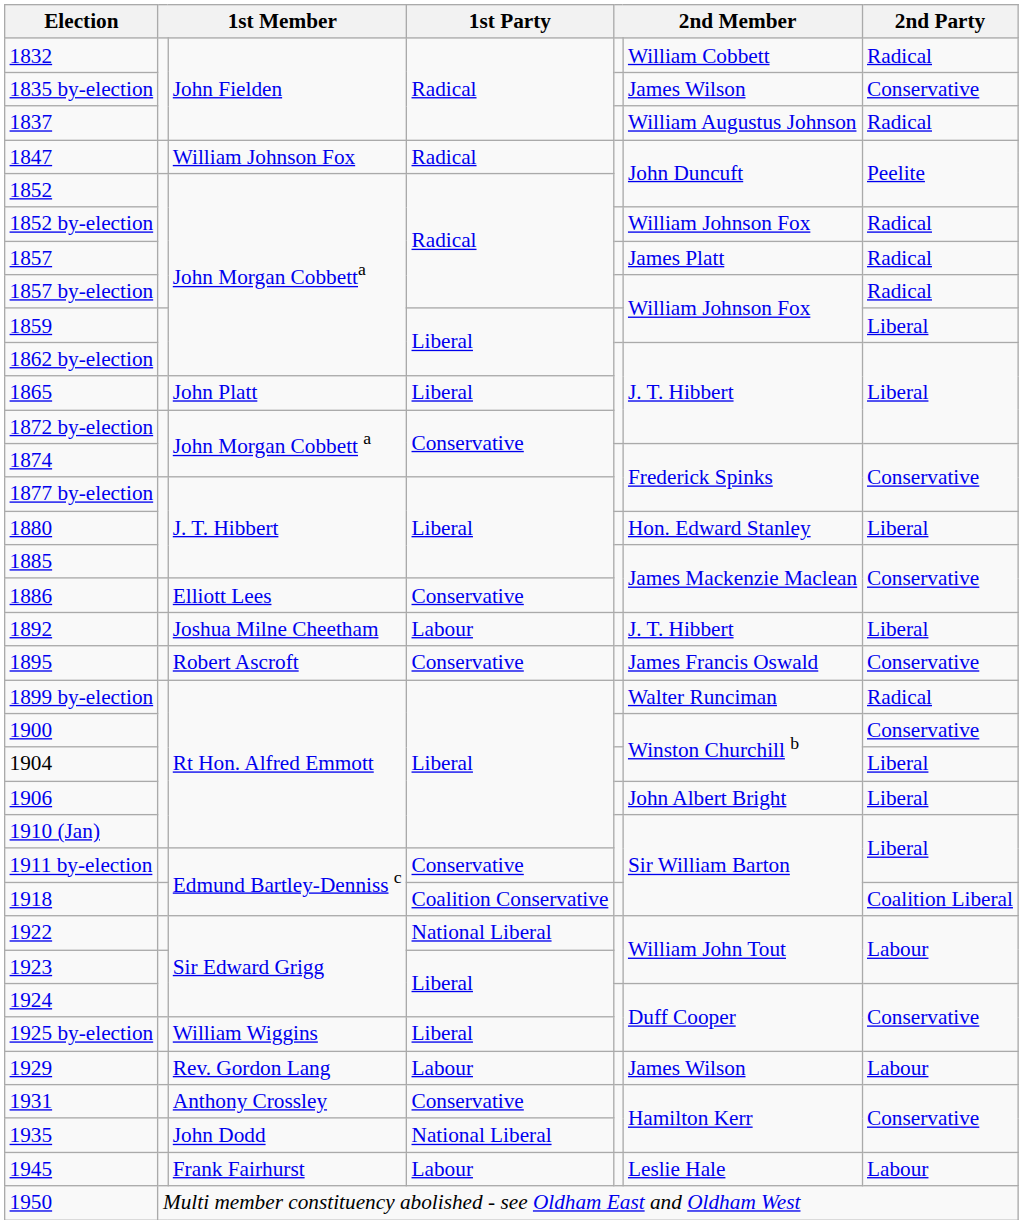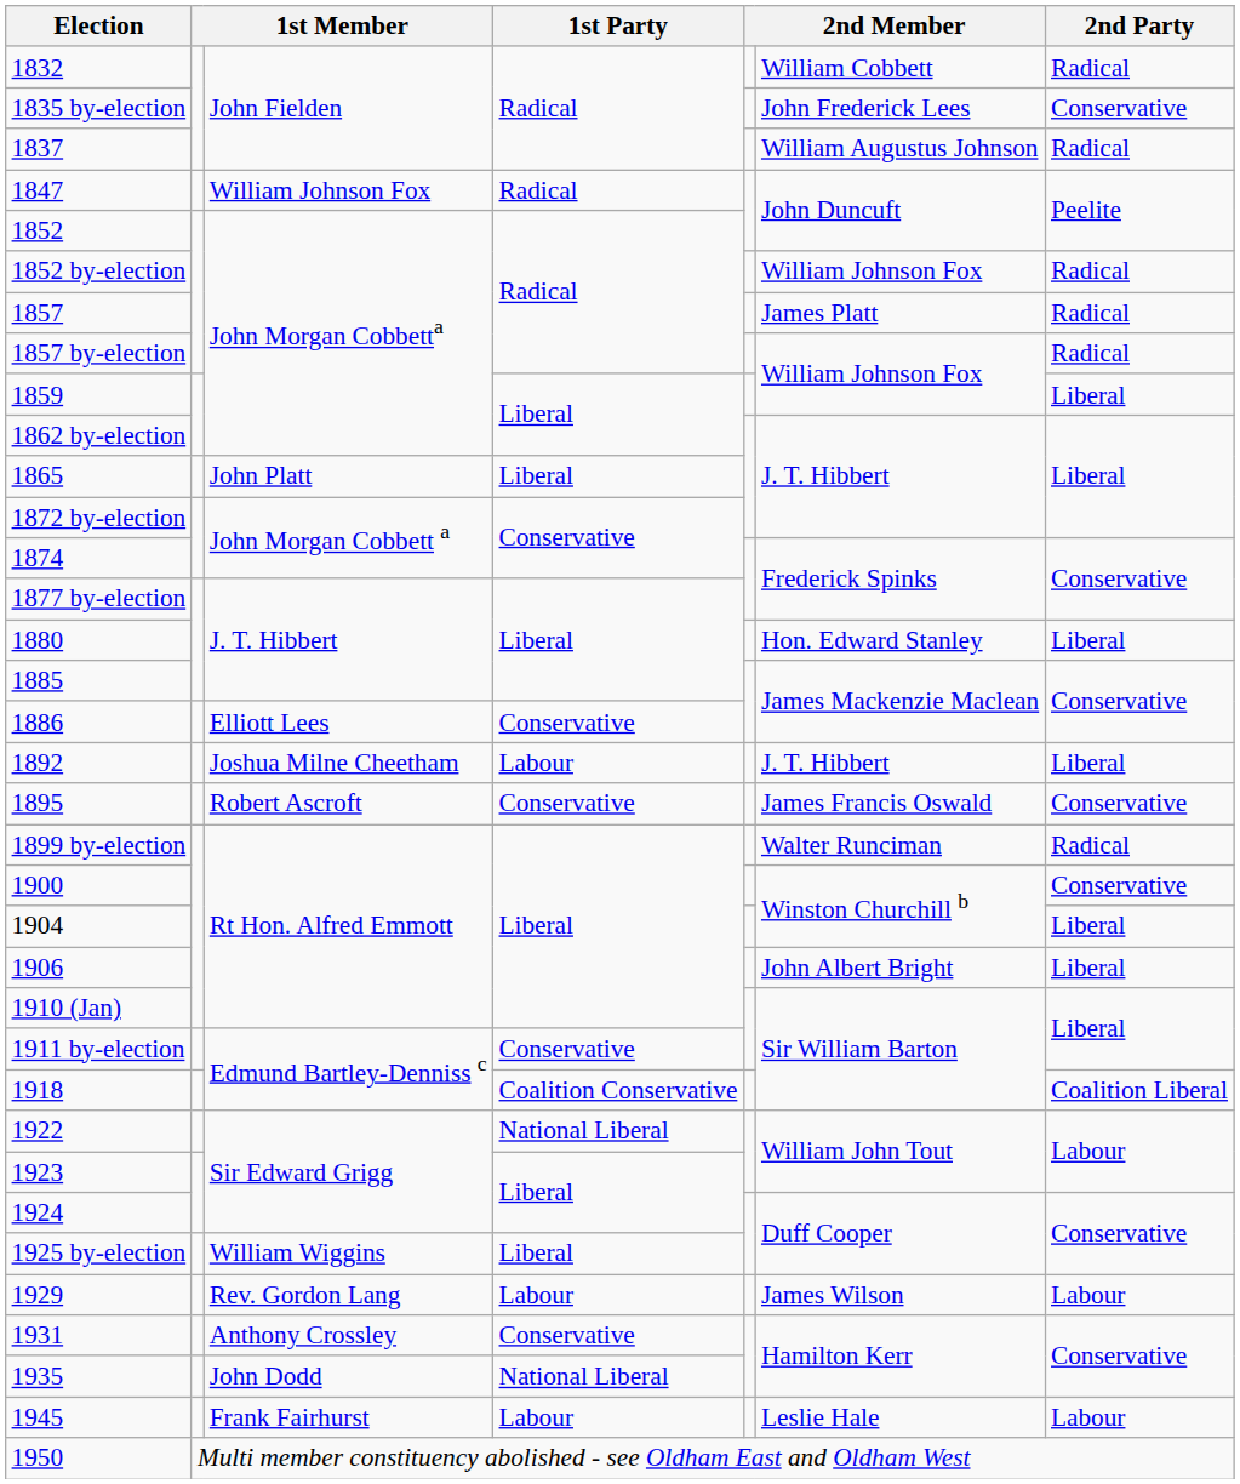 <table class="wikitable">
 <tr>
 <th>Election</th>
 <th colspan="2">1st Member </th>
 <th>1st Party</th>
 <th colspan="2">2nd Member </th>
 <th>2nd Party</th>
 </tr>
 <tr>
 <td><a href='#'>1832</a></td>
 <td rowspan="3" style="color:inherit;background-color: "></td>
 <td rowspan="3"><a href='#'>John Fielden</a></td>
 <td rowspan="3"><a href='#'>Radical</a></td>
 <td style="color:inherit;background-color: "></td>
 <td><a href='#'>William Cobbett</a></td>
 <td><a href='#'>Radical</a></td>
 </tr>
 <tr>
 <td><a href='#'>1835 by-election</a></td>
 <td style="color:inherit;background-color: "></td>
-<td><a href='#'>James Wilson</a></td>
+<td><a href='#'>John Frederick Lees</a></td>
 <td><a href='#'>Conservative</a></td>
 </tr>
 <tr>
 <td><a href='#'>1837</a></td>
 <td style="color:inherit;background-color: "></td>
 <td><a href='#'>William Augustus Johnson</a></td>
 <td><a href='#'>Radical</a></td>
 </tr>
 <tr>
 <td><a href='#'>1847</a></td>
 <td style="color:inherit;background-color: "></td>
 <td><a href='#'>William Johnson Fox</a></td>
 <td><a href='#'>Radical</a></td>
 <td rowspan="2" style="color:inherit;background-color: "></td>
 <td rowspan="2"><a href='#'>John Duncuft</a></td>
 <td rowspan="2"><a href='#'>Peelite</a></td>
 </tr>
 <tr>
 <td><a href='#'>1852</a></td>
 <td rowspan="4" style="color:inherit;background-color: "></td>
 <td rowspan="6"><a href='#'>John Morgan Cobbett</a><sup>a</sup></td>
 <td rowspan="4"><a href='#'>Radical</a></td>
 </tr>
 <tr>
 <td><a href='#'>1852 by-election</a></td>
 <td style="color:inherit;background-color: "></td>
 <td><a href='#'>William Johnson Fox</a></td>
 <td><a href='#'>Radical</a></td>
 </tr>
 <tr>
 <td><a href='#'>1857</a></td>
 <td style="color:inherit;background-color: "></td>
 <td><a href='#'>James Platt</a></td>
 <td><a href='#'>Radical</a></td>
 </tr>
 <tr>
 <td><a href='#'>1857 by-election</a></td>
 <td style="color:inherit;background-color: "></td>
 <td rowspan="2"><a href='#'>William Johnson Fox</a></td>
 <td><a href='#'>Radical</a></td>
 </tr>
 <tr>
 <td><a href='#'>1859</a></td>
 <td rowspan="2" style="color:inherit;background-color: "></td>
 <td rowspan="2"><a href='#'>Liberal</a></td>
 <td style="color:inherit;background-color: "></td>
 <td><a href='#'>Liberal</a></td>
 </tr>
 <tr>
 <td><a href='#'>1862 by-election</a></td>
 <td rowspan="3" style="color:inherit;background-color: "></td>
 <td rowspan="3"><a href='#'>J. T. Hibbert</a></td>
 <td rowspan="3"><a href='#'>Liberal</a></td>
 </tr>
 <tr>
 <td><a href='#'>1865</a></td>
 <td style="color:inherit;background-color: "></td>
 <td><a href='#'>John Platt</a></td>
 <td><a href='#'>Liberal</a></td>
 </tr>
 <tr>
 <td><a href='#'>1872 by-election</a></td>
 <td rowspan="2" style="color:inherit;background-color: "></td>
 <td rowspan="2"><a href='#'>John Morgan Cobbett</a> <sup>a</sup></td>
 <td rowspan="2"><a href='#'>Conservative</a></td>
 </tr>
 <tr>
 <td><a href='#'>1874</a></td>
 <td rowspan="2" style="color:inherit;background-color: "></td>
 <td rowspan="2"><a href='#'>Frederick Spinks</a></td>
 <td rowspan="2"><a href='#'>Conservative</a></td>
 </tr>
 <tr>
 <td><a href='#'>1877 by-election</a></td>
 <td rowspan="3" style="color:inherit;background-color: "></td>
 <td rowspan="3"><a href='#'>J. T. Hibbert</a></td>
 <td rowspan="3"><a href='#'>Liberal</a></td>
 </tr>
 <tr>
 <td><a href='#'>1880</a></td>
 <td style="color:inherit;background-color: "></td>
 <td><a href='#'>Hon. Edward Stanley</a></td>
 <td><a href='#'>Liberal</a></td>
 </tr>
 <tr>
 <td><a href='#'>1885</a></td>
 <td rowspan="2" style="color:inherit;background-color: "></td>
 <td rowspan="2"><a href='#'>James Mackenzie Maclean</a></td>
 <td rowspan="2"><a href='#'>Conservative</a></td>
 </tr>
 <tr>
 <td><a href='#'>1886</a></td>
 <td style="color:inherit;background-color: "></td>
 <td><a href='#'>Elliott Lees</a></td>
 <td><a href='#'>Conservative</a></td>
 </tr>
 <tr>
 <td><a href='#'>1892</a></td>
 <td style="color:inherit;background-color: "></td>
 <td><a href='#'>Joshua Milne Cheetham</a></td>
 <td><a href='#'>Labour</a></td>
 <td style="color:inherit;background-color: "></td>
 <td><a href='#'>J. T. Hibbert</a></td>
 <td><a href='#'>Liberal</a></td>
 </tr>
 <tr>
 <td><a href='#'>1895</a></td>
 <td style="color:inherit;background-color: "></td>
 <td><a href='#'>Robert Ascroft</a></td>
 <td><a href='#'>Conservative</a></td>
 <td style="color:inherit;background-color: "></td>
 <td><a href='#'>James Francis Oswald</a></td>
 <td><a href='#'>Conservative</a></td>
 </tr>
 <tr>
 <td><a href='#'>1899 by-election</a></td>
 <td rowspan="5" style="color:inherit;background-color: "></td>
 <td rowspan="5"><a href='#'>Rt Hon. Alfred Emmott</a></td>
 <td rowspan="5"><a href='#'>Liberal</a></td>
 <td style="color:inherit;background-color: "></td>
 <td><a href='#'>Walter Runciman</a></td>
 <td><a href='#'>Radical</a></td>
 </tr>
 <tr>
 <td><a href='#'>1900</a></td>
 <td style="color:inherit;background-color: "></td>
 <td rowspan="2"><a href='#'>Winston Churchill</a> <sup>b</sup></td>
 <td><a href='#'>Conservative</a></td>
 </tr>
 <tr>
 <td>1904</td>
 <td style="color:inherit;background-color: "></td>
 <td><a href='#'>Liberal</a></td>
 </tr>
 <tr>
 <td><a href='#'>1906</a></td>
 <td style="color:inherit;background-color: "></td>
 <td><a href='#'>John Albert Bright</a></td>
 <td><a href='#'>Liberal</a></td>
 </tr>
 <tr>
 <td><a href='#'>1910 (Jan)</a></td>
 <td rowspan="2" style="color:inherit;background-color: "></td>
 <td rowspan="3"><a href='#'>Sir William Barton</a></td>
 <td rowspan="2"><a href='#'>Liberal</a></td>
 </tr>
 <tr>
 <td><a href='#'>1911 by-election</a></td>
 <td style="color:inherit;background-color: "></td>
 <td rowspan="2"><a href='#'>Edmund Bartley-Denniss</a> <sup>c</sup></td>
 <td><a href='#'>Conservative</a></td>
 </tr>
 <tr>
 <td><a href='#'>1918</a></td>
 <td style="color:inherit;background-color: "></td>
 <td><a href='#'>Coalition Conservative</a></td>
 <td style="color:inherit;background-color: "></td>
 <td><a href='#'>Coalition Liberal</a></td>
 </tr>
 <tr>
 <td><a href='#'>1922</a></td>
 <td style="color:inherit;background-color: "></td>
 <td rowspan="3"><a href='#'>Sir Edward Grigg</a></td>
 <td><a href='#'>National Liberal</a></td>
 <td rowspan="2" style="color:inherit;background-color: "></td>
 <td rowspan="2"><a href='#'>William John Tout</a></td>
 <td rowspan="2"><a href='#'>Labour</a></td>
 </tr>
 <tr>
 <td><a href='#'>1923</a></td>
 <td rowspan="2" style="color:inherit;background-color: "></td>
 <td rowspan="2"><a href='#'>Liberal</a></td>
 </tr>
 <tr>
 <td><a href='#'>1924</a></td>
 <td rowspan="2" style="color:inherit;background-color: "></td>
 <td rowspan="2"><a href='#'>Duff Cooper</a></td>
 <td rowspan="2"><a href='#'>Conservative</a></td>
 </tr>
 <tr>
 <td><a href='#'>1925 by-election</a></td>
 <td style="color:inherit;background-color: "></td>
 <td><a href='#'>William Wiggins</a></td>
 <td><a href='#'>Liberal</a></td>
 </tr>
 <tr>
 <td><a href='#'>1929</a></td>
 <td style="color:inherit;background-color: "></td>
 <td><a href='#'>Rev. Gordon Lang</a></td>
 <td><a href='#'>Labour</a></td>
 <td style="color:inherit;background-color: "></td>
 <td><a href='#'>James Wilson</a></td>
 <td><a href='#'>Labour</a></td>
 </tr>
 <tr>
 <td><a href='#'>1931</a></td>
 <td style="color:inherit;background-color: "></td>
 <td><a href='#'>Anthony Crossley</a></td>
 <td><a href='#'>Conservative</a></td>
 <td rowspan="2" style="color:inherit;background-color: "></td>
 <td rowspan="2"><a href='#'>Hamilton Kerr</a></td>
 <td rowspan="2"><a href='#'>Conservative</a></td>
 </tr>
 <tr>
 <td><a href='#'>1935</a></td>
 <td style="color:inherit;background-color: "></td>
 <td><a href='#'>John Dodd</a></td>
 <td><a href='#'>National Liberal</a></td>
 </tr>
 <tr>
 <td><a href='#'>1945</a></td>
 <td style="color:inherit;background-color: "></td>
 <td><a href='#'>Frank Fairhurst</a></td>
 <td><a href='#'>Labour</a></td>
 <td style="color:inherit;background-color: "></td>
 <td><a href='#'>Leslie Hale</a></td>
 <td><a href='#'>Labour</a></td>
 </tr>
 <tr>
 <td><a href='#'>1950</a></td>
 <td colspan="6"><em>Multi member constituency abolished -  see <a href='#'>Oldham East</a> and <a href='#'>Oldham West</a></em></td>
 </tr>
 </table>
